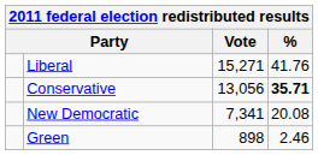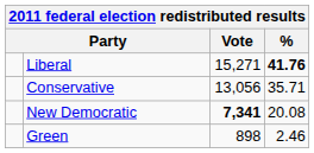 <table class="wikitable">
 <tr>
 <th colspan="4"><a href='#'>2011 federal election</a> redistributed results</th>
 </tr>
 <tr>
 <th bgcolor="#DDDDFF" width="130px" colspan="2">Party</th>
 <th bgcolor="#DDDDFF" width="50px">Vote</th>
 <th bgcolor="#DDDDFF" width="30px">%</th>
 </tr>
 <tr>
 <td> </td>
 <td><a href='#'>Liberal</a></td>
 <td align=right>15,271</td>
-<td align=right>41.76</td>
+<td align=right><strong>41.76</strong></td>
 </tr>
 <tr>
 <td> </td>
 <td><a href='#'>Conservative</a></td>
 <td align=right>13,056</td>
-<td align=right><strong>35.71</strong></td>
+<td align=right>35.71</td>
 </tr>
 <tr>
 <td> </td>
 <td><a href='#'>New Democratic</a></td>
-<td align=right>7,341</td>
+<td align=right><strong>7,341</strong></td>
 <td align=right>20.08</td>
 </tr>
 <tr>
 <td> </td>
 <td><a href='#'>Green</a></td>
 <td align=right>898</td>
 <td align=right>2.46</td>
 </tr>
 </table>
